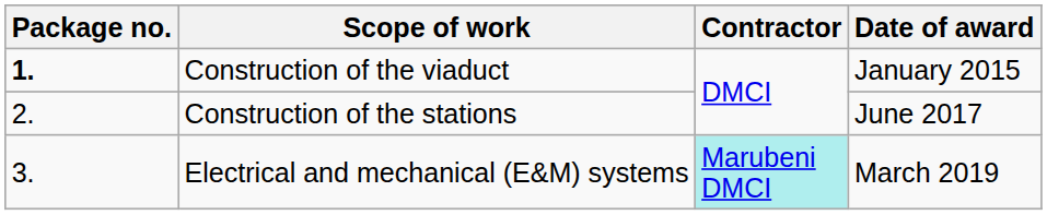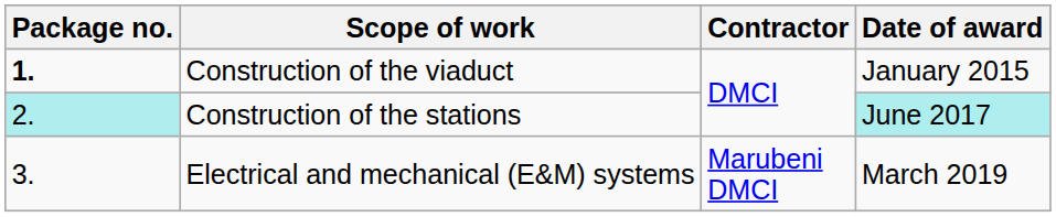 <table class="wikitable collapsible collapsed" style="font-size:95%; border: none;">
 <tr>
 <th>Package no.</th>
 <th>Scope of work</th>
 <th>Contractor</th>
 <th>Date of award</th>
 </tr>
 <tr>
 <td><strong>1.</strong></td>
 <td>Construction of the viaduct</td>
 <td rowspan="2"> <a href='#'>DMCI</a></td>
 <td>January 2015</td>
 </tr>
 <tr>
-<td>2.</td>
+<td style="background: paleturquoise;">2.</td>
 <td>Construction of the stations</td>
-<td>June 2017</td>
+<td style="background: paleturquoise;">June 2017</td>
 </tr>
 <tr>
 <td>3.</td>
 <td>Electrical and mechanical (E&M) systems</td>
-<td style="background: paleturquoise;"> <a href='#'>Marubeni</a><br> <a href='#'>DMCI</a></td>
+<td> <a href='#'>Marubeni</a><br> <a href='#'>DMCI</a></td>
 <td>March 2019</td>
 </tr>
 </table>
